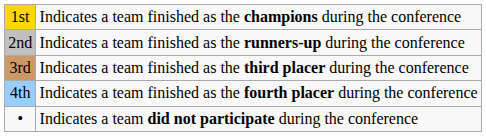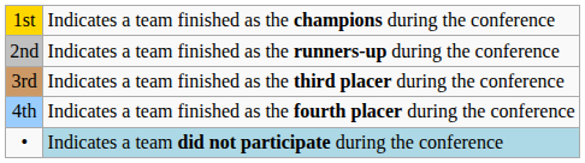 <table class="wikitable">
 <tr>
 <td align=center style="background-color:gold">1st</td>
 <td>Indicates a team finished as the <strong>champions</strong> during the conference</td>
 </tr>
 <tr>
 <td align=center style="background-color:silver">2nd</td>
 <td>Indicates a team finished as the <strong>runners-up</strong> during the conference</td>
 </tr>
 <tr>
 <td align=center style="background-color:#cc9966">3rd</td>
 <td>Indicates a team finished as the <strong>third placer</strong> during the conference</td>
 </tr>
 <tr>
 <td align=center style="background-color:#9acdff">4th</td>
 <td>Indicates a team finished as the <strong>fourth placer</strong> during the conference</td>
 </tr>
 <tr>
 <td align=center>•</td>
-<td>Indicates a team <strong>did not participate</strong> during the conference</td>
+<td style="background: lightblue;">Indicates a team <strong>did not participate</strong> during the conference</td>
 </tr>
 <tr>
 </tr>
 </table>
